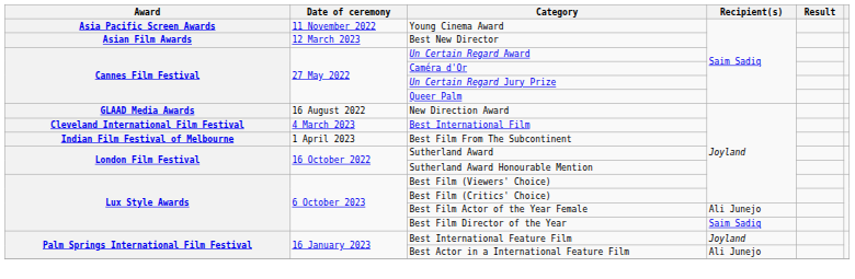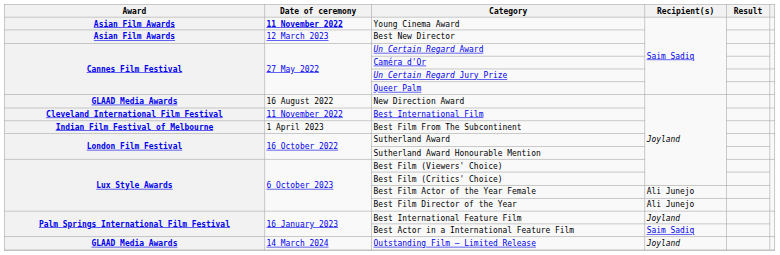 <table class="wikitable sortable plainrowheaders" style="width: 100%;">
 <tr>
 <th scope="col">Award</th>
 <th scope="col">Date of ceremony</th>
 <th scope="col">Category</th>
 <th scope="col">Recipient(s)</th>
 <th scope="col">Result</th>
 <th scope="col" class="unsortable"></th>
 </tr>
 <tr>
-<th scope="row"><a href='#'>Asia Pacific Screen Awards</a></th>
-<td><a href='#'>11 November 2022</a></td>
+<th scope="row" rowspan="1"><a href='#'>Asian Film Awards</a></th>
+<td><strong><a href='#'>11 November 2022</a></strong></td>
 <td>Young Cinema Award</td>
 <td rowspan="6"><a href='#'>Saim Sadiq</a></td>
 <td></td>
 <td style="text-align: center;"></td>
 </tr>
 <tr>
 <th scope="row" rowspan="1"><a href='#'>Asian Film Awards</a></th>
 <td><a href='#'>12 March 2023</a></td>
 <td>Best New Director</td>
 <td></td>
 <td style="text-align:center"></td>
 </tr>
 <tr>
 <th scope="row" rowspan=4><a href='#'>Cannes Film Festival</a></th>
 <td rowspan=4><a href='#'> 27 May 2022</a></td>
 <td><a href='#'><em>Un Certain Regard</em> Award</a></td>
 <td></td>
 <td style="text-align: center;" rowspan=2></td>
 </tr>
 <tr>
 <td><a href='#'>Caméra d'Or</a></td>
 <td></td>
 </tr>
 <tr>
 <td><a href='#'><em>Un Certain Regard</em> Jury Prize</a></td>
 <td></td>
 <td style="text-align: center;"></td>
 </tr>
 <tr>
 <td><a href='#'>Queer Palm</a></td>
 <td></td>
 <td style="text-align: center;"></td>
 </tr>
 <tr>
 <th scope="row"><a href='#'>GLAAD Media Awards</a></th>
 <td>16 August 2022</td>
 <td>New Direction Award</td>
 <td rowspan="7"><em>Joyland</em></td>
 <td></td>
 <td align="center"></td>
 </tr>
 <tr>
 <th scope="row"><a href='#'>Cleveland International Film Festival</a></th>
-<td><a href='#'>4 March 2023</a></td>
+<td><a href='#'>11 November 2022</a></td>
 <td><a href='#'>Best International Film</a></td>
 <td></td>
 <td style="text-align: center"></td>
 </tr>
 <tr>
 <th scope="row"><a href='#'>Indian Film Festival of Melbourne</a></th>
 <td>1 April 2023</td>
 <td>Best Film From The Subcontinent</td>
 <td></td>
 <td style="text-align: center;"></td>
 </tr>
 <tr>
 <th rowspan="2" scope="row"><a href='#'>London Film Festival</a></th>
 <td rowspan="2"><a href='#'>16 October 2022</a></td>
 <td>Sutherland Award</td>
 <td></td>
 <td rowspan="2" style="text-align: center;"></td>
 </tr>
 <tr>
 <td>Sutherland Award Honourable Mention</td>
 <td></td>
 </tr>
 <tr>
 <th rowspan="4" scope="row"><a href='#'>Lux Style Awards</a></th>
 <td rowspan="4"><a href='#'>6 October 2023</a></td>
 <td>Best Film (Viewers' Choice)</td>
 <td></td>
 <td rowspan="4" style="text-align: center;"></td>
 </tr>
 <tr>
 <td>Best Film (Critics' Choice)</td>
 <td></td>
 </tr>
 <tr>
 <td>Best Film Actor of the Year Female</td>
 <td>Ali Junejo</td>
 <td></td>
 </tr>
 <tr>
 <td>Best Film Director of the Year</td>
-<td><a href='#'>Saim Sadiq</a></td>
+<td>Ali Junejo</td>
 <td></td>
 </tr>
 <tr>
 <th rowspan="2" scope="row"><a href='#'>Palm Springs International Film Festival</a></th>
 <td rowspan="2"><a href='#'>16 January 2023</a></td>
 <td>Best International Feature Film</td>
 <td><em>Joyland</em></td>
 <td></td>
 <td rowspan="2" align="center"></td>
 </tr>
 <tr>
 <td>Best Actor in a International Feature Film</td>
-<td>Ali Junejo</td>
+<td><a href='#'>Saim Sadiq</a></td>
 <td></td>
+</tr>
+<tr>
+<th scope="row"><a href='#'>GLAAD Media Awards</a></th>
+<td><a href='#'>14 March 2024</a></td>
+<td><a href='#'>Outstanding Film – Limited Release</a></td>
+<td><em>Joyland</em></td>
+<td></td>
+<td align="center"></td>
 </tr>
 <tr>
 </tr>
 </table>
